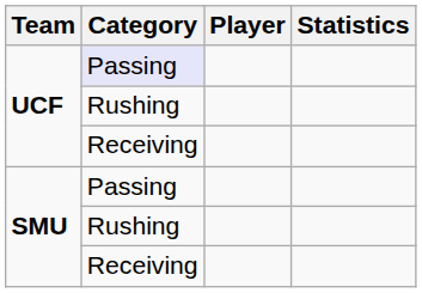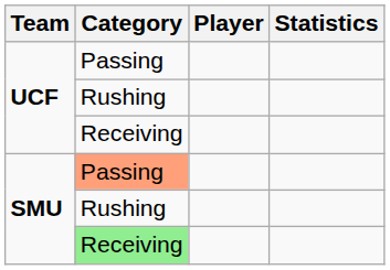 <table class="wikitable" style="float: left;">
 <tr>
 <th>Team</th>
 <th>Category</th>
 <th>Player</th>
 <th>Statistics</th>
 </tr>
 <tr>
 <td rowspan=3><strong>UCF</strong></td>
-<td style="background: lavender;">Passing</td>
+<td>Passing</td>
 <td></td>
 <td></td>
 </tr>
 <tr>
 <td>Rushing</td>
 <td></td>
 <td></td>
 </tr>
 <tr>
 <td>Receiving</td>
 <td></td>
 <td></td>
 </tr>
 <tr>
 <td rowspan=3><strong>SMU</strong></td>
-<td>Passing</td>
+<td style="background: lightsalmon;">Passing</td>
 <td></td>
 <td></td>
 </tr>
 <tr>
 <td>Rushing</td>
 <td></td>
 <td></td>
 </tr>
 <tr>
-<td>Receiving</td>
+<td style="background: lightgreen;">Receiving</td>
 <td></td>
 <td></td>
 </tr>
 </table>
